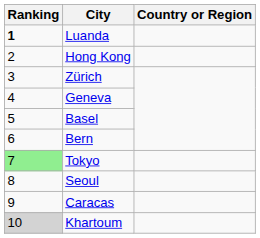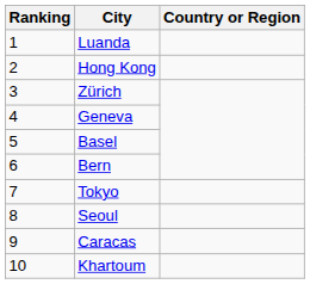 <table class="wikitable sortable">
 <tr>
 <th scope="col">Ranking</th>
 <th scope="col">City</th>
 <th scope="col">Country or Region</th>
 </tr>
 <tr>
-<td><strong>1</strong></td>
+<td>1</td>
 <td><a href='#'>Luanda</a></td>
 <td></td>
 </tr>
 <tr>
 <td>2</td>
 <td><a href='#'>Hong Kong</a></td>
 <td></td>
 </tr>
 <tr>
 <td>3</td>
 <td><a href='#'>Zürich</a></td>
 <td rowspan="4"></td>
 </tr>
 <tr>
 <td>4</td>
 <td><a href='#'>Geneva</a></td>
 </tr>
 <tr>
 <td>5</td>
 <td><a href='#'>Basel</a></td>
 </tr>
 <tr>
 <td>6</td>
 <td><a href='#'>Bern</a></td>
 </tr>
 <tr>
-<td style="background: lightgreen;">7</td>
+<td>7</td>
 <td><a href='#'>Tokyo</a></td>
 <td></td>
 </tr>
 <tr>
 <td>8</td>
 <td><a href='#'>Seoul</a></td>
 <td></td>
 </tr>
 <tr>
 <td>9</td>
 <td><a href='#'>Caracas</a></td>
 <td></td>
 </tr>
 <tr>
-<td style="background: lightgrey;">10</td>
+<td>10</td>
 <td><a href='#'>Khartoum</a></td>
 <td></td>
 </tr>
 </table>
